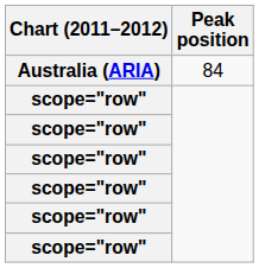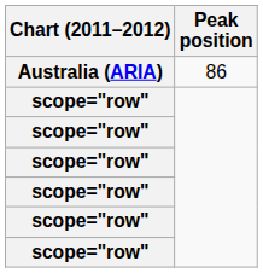 <table class="wikitable sortable plainrowheaders" style="text-align:center;">
 <tr>
 <th scope="col">Chart (2011–2012)</th>
 <th scope="col">Peak<br>position</th>
 </tr>
 <tr>
 <th scope="row">Australia (<a href='#'>ARIA</a>)</th>
-<td>84</td>
+<td>86</td>
 </tr>
 <tr>
 <th>scope="row" </th>
 </tr>
 <tr>
 <th>scope="row" </th>
 </tr>
 <tr>
 <th>scope="row" </th>
 </tr>
 <tr>
 <th>scope="row" </th>
 </tr>
 <tr>
 <th>scope="row" </th>
 </tr>
 <tr>
 <th>scope="row" </th>
 </tr>
 </table>
